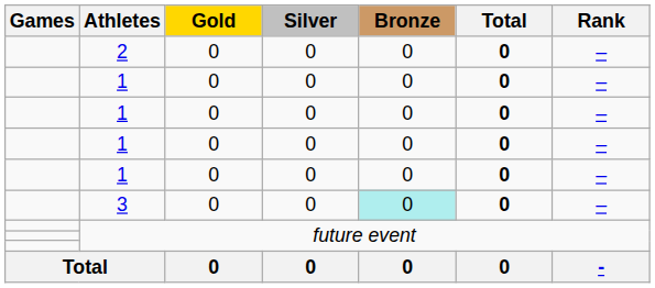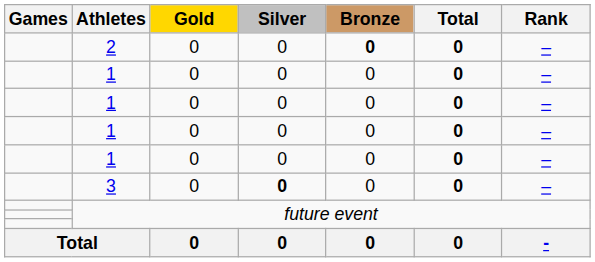 <table class="wikitable" style="text-align:center; font-size:90%;">
 <tr>
 <th>Games</th>
 <th>Athletes</th>
 <td style="background:gold; width:4.5em; font-weight:bold;">Gold</td>
 <td style="background:silver; width:4.5em; font-weight:bold;">Silver</td>
 <td style="background:#cc9966; width:4.5em; font-weight:bold;">Bronze</td>
 <th style="width:4.5em; font-weight:bold;">Total</th>
 <th style="width:4.5em; font-weight:bold;">Rank</th>
 </tr>
 <tr>
 <td align=left></td>
 <td><a href='#'>2</a></td>
 <td>0</td>
 <td>0</td>
-<td>0</td>
+<td><strong>0</strong></td>
 <td><strong>0</strong></td>
 <td><a href='#'>–</a></td>
 </tr>
 <tr>
 <td align=left></td>
 <td><a href='#'>1</a></td>
 <td>0</td>
 <td>0</td>
 <td>0</td>
 <td><strong>0</strong></td>
 <td><a href='#'>–</a></td>
 </tr>
 <tr>
 <td align=left></td>
 <td><a href='#'>1</a></td>
 <td>0</td>
 <td>0</td>
 <td>0</td>
 <td><strong>0</strong></td>
 <td><a href='#'>–</a></td>
 </tr>
 <tr>
 <td align=left></td>
 <td><a href='#'>1</a></td>
 <td>0</td>
 <td>0</td>
 <td>0</td>
 <td><strong>0</strong></td>
 <td><a href='#'>–</a></td>
 </tr>
 <tr>
 <td align=left></td>
 <td><a href='#'>1</a></td>
 <td>0</td>
 <td>0</td>
 <td>0</td>
 <td><strong>0</strong></td>
 <td><a href='#'>–</a></td>
 </tr>
 <tr>
 <td align=left></td>
 <td><a href='#'>3</a></td>
 <td>0</td>
+<td><strong>0</strong></td>
 <td>0</td>
-<td style="background: paleturquoise;">0</td>
 <td><strong>0</strong></td>
 <td><a href='#'>–</a></td>
 </tr>
 <tr>
 <td align=left></td>
 <td rowspan=3 colspan=6><em>future event</em></td>
 </tr>
 <tr>
 <td align=left></td>
 </tr>
 <tr>
 <td align=left></td>
 </tr>
 <tr>
 <th colspan=2>Total</th>
 <th>0</th>
 <th>0</th>
 <th>0</th>
 <th>0</th>
 <th><a href='#'>-</a></th>
 </tr>
 </table>
